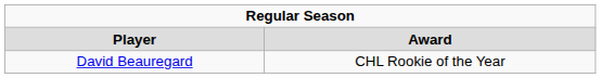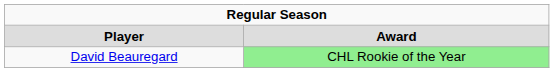 <table class="wikitable" width="52%">
 <tr>
 <td colspan="10" align="center"><strong>Regular Season</strong></td>
 </tr>
 <tr align="center"  bgcolor="#dddddd">
 <td><strong>Player</strong></td>
 <td><strong>Award</strong></td>
 </tr>
 <tr style="text-align:center;">
 <td><a href='#'>David Beauregard</a></td>
-<td>CHL Rookie of the Year</td>
+<td style="background: lightgreen;">CHL Rookie of the Year</td>
 </tr>
 </table>
